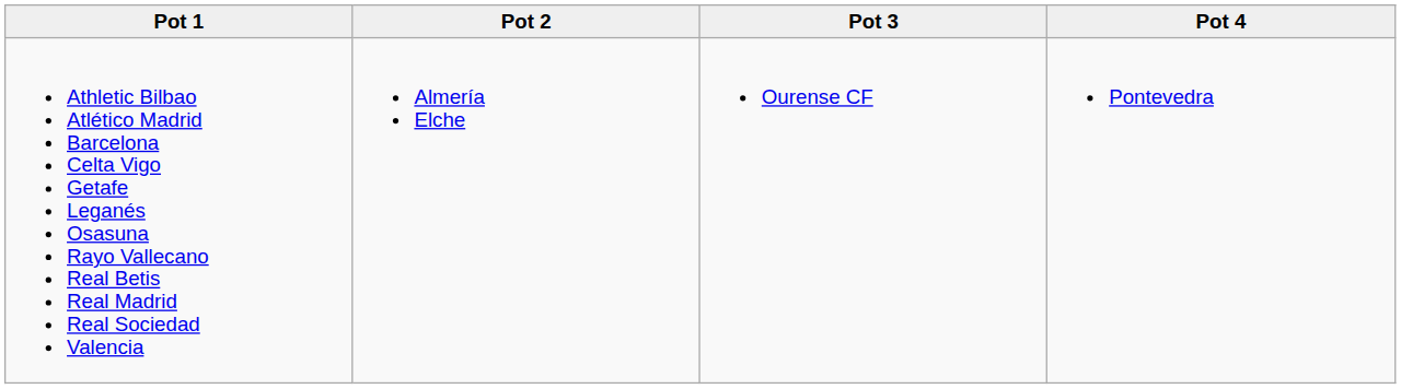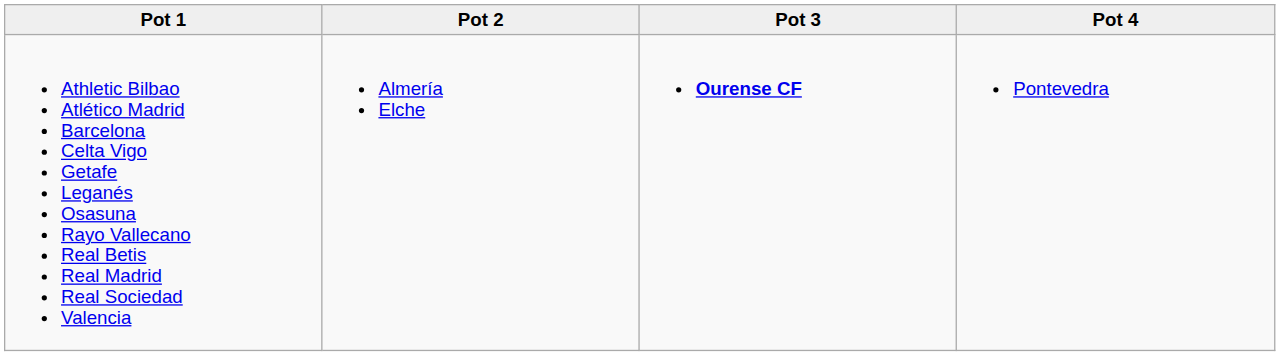 <table class="wikitable" style="font-size:90%">
 <tr bgcolor=#efefef align=center>
 <td width=15%><strong>Pot 1</strong><br></td>
 <td width="15%"><strong>Pot 2</strong><br></td>
 <td width=15%><strong>Pot 3</strong><br></td>
 <td width=15%><strong>Pot 4</strong><br></td>
 </tr>
 <tr valign=top>
 <td><br><ul><li><a href='#'>Athletic Bilbao</a></li><li><a href='#'>Atlético Madrid</a></li><li><a href='#'>Barcelona</a></li><li><a href='#'>Celta Vigo</a></li><li><a href='#'>Getafe</a></li><li><a href='#'>Leganés</a></li><li><a href='#'>Osasuna</a></li><li><a href='#'>Rayo Vallecano</a></li><li><a href='#'>Real Betis</a></li><li><a href='#'>Real Madrid</a></li><li><a href='#'>Real Sociedad</a></li><li><a href='#'>Valencia</a></li></ul></td>
 <td><br><ul><li><a href='#'>Almería</a></li><li><a href='#'>Elche</a></li></ul></td>
-<td><br><ul><li><a href='#'>Ourense CF</a></li></ul></td>
+<td><strong><br><ul><li><a href='#'>Ourense CF</a></li></ul></strong></td>
 <td><br><ul><li><a href='#'>Pontevedra</a></li></ul></td>
 </tr>
 </table>
